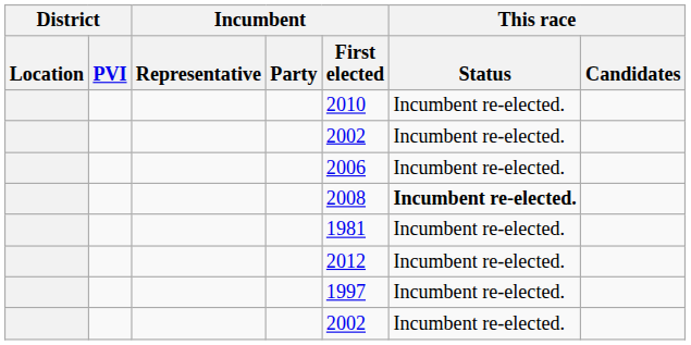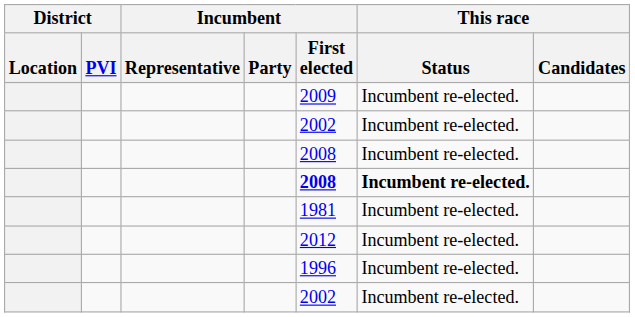 <table class="wikitable sortable">
 <tr valign=bottom>
 <th colspan=2>District</th>
 <th colspan=3>Incumbent</th>
 <th colspan=2>This race</th>
 </tr>
 <tr valign=bottom>
 <th>Location</th>
 <th><a href='#'>PVI</a></th>
 <th>Representative</th>
 <th>Party</th>
 <th>First<br>elected</th>
 <th>Status</th>
 <th>Candidates</th>
 </tr>
 <tr>
 <th></th>
 <td></td>
 <td></td>
 <td></td>
-<td><a href='#'>2010</a></td>
+<td><a href='#'>2009</a></td>
 <td>Incumbent re-elected.</td>
 <td nowrap></td>
 </tr>
 <tr>
 <th></th>
 <td></td>
 <td></td>
 <td></td>
 <td><a href='#'>2002</a></td>
 <td>Incumbent re-elected.</td>
 <td nowrap></td>
 </tr>
 <tr>
 <th></th>
 <td></td>
 <td></td>
 <td></td>
-<td><a href='#'>2006</a></td>
+<td><a href='#'>2008</a></td>
 <td>Incumbent re-elected.</td>
 <td nowrap></td>
 </tr>
 <tr>
 <th></th>
 <td></td>
 <td></td>
 <td></td>
-<td><a href='#'>2008</a></td>
+<td><strong><a href='#'>2008</a></strong></td>
 <td><strong>Incumbent re-elected.</strong></td>
 <td nowrap></td>
 </tr>
 <tr>
 <th></th>
 <td></td>
 <td></td>
 <td></td>
 <td><a href='#'>1981 </a></td>
 <td>Incumbent re-elected.</td>
 <td nowrap></td>
 </tr>
 <tr>
 <th></th>
 <td></td>
 <td></td>
 <td></td>
 <td><a href='#'>2012</a></td>
 <td>Incumbent re-elected.</td>
 <td nowrap></td>
 </tr>
 <tr>
 <th></th>
 <td></td>
 <td></td>
 <td></td>
-<td><a href='#'>1997</a></td>
+<td><a href='#'>1996</a></td>
 <td>Incumbent re-elected.</td>
 <td nowrap></td>
 </tr>
 <tr>
 <th></th>
 <td></td>
 <td></td>
 <td></td>
 <td><a href='#'>2002</a></td>
 <td>Incumbent re-elected.</td>
 <td nowrap></td>
 </tr>
 </table>
